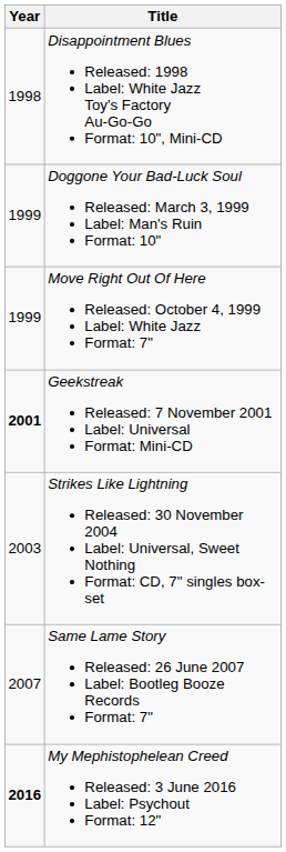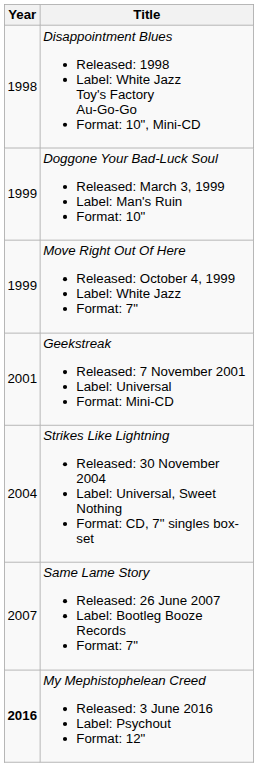 <table class="wikitable">
 <tr>
 <th>Year</th>
 <th width="250">Title</th>
 </tr>
 <tr>
 <td>1998</td>
 <td><em>Disappointment Blues</em><br><ul><li>Released: 1998</li><li>Label: White Jazz<br> Toy's Factory<br> Au-Go-Go</li><li>Format: 10", Mini-CD</li></ul></td>
 </tr>
 <tr>
 <td>1999</td>
 <td><em>Doggone Your Bad-Luck Soul</em><br><ul><li>Released: March 3, 1999</li><li>Label: Man's Ruin</li><li>Format: 10"</li></ul></td>
 </tr>
 <tr>
 <td>1999</td>
 <td><em>Move Right Out Of Here</em><br><ul><li>Released: October 4, 1999</li><li>Label: White Jazz</li><li>Format: 7"</li></ul></td>
 </tr>
 <tr>
-<td><strong>2001</strong></td>
+<td>2001</td>
 <td><em>Geekstreak</em><br><ul><li>Released: 7 November 2001</li><li>Label: Universal</li><li>Format: Mini-CD</li></ul></td>
 </tr>
 <tr>
-<td>2003</td>
+<td>2004</td>
 <td><em>Strikes Like Lightning</em><br><ul><li>Released: 30 November 2004</li><li>Label: Universal, Sweet Nothing</li><li>Format: CD, 7" singles box-set</li></ul></td>
 </tr>
 <tr>
 <td>2007</td>
 <td><em>Same Lame Story</em><br><ul><li>Released: 26 June 2007</li><li>Label: Bootleg Booze Records</li><li>Format: 7"</li></ul></td>
 </tr>
 <tr>
 <td><strong>2016</strong></td>
 <td><em>My Mephistophelean Creed</em><br><ul><li>Released: 3 June 2016</li><li>Label: Psychout</li><li>Format: 12"</li></ul></td>
 </tr>
 </table>
